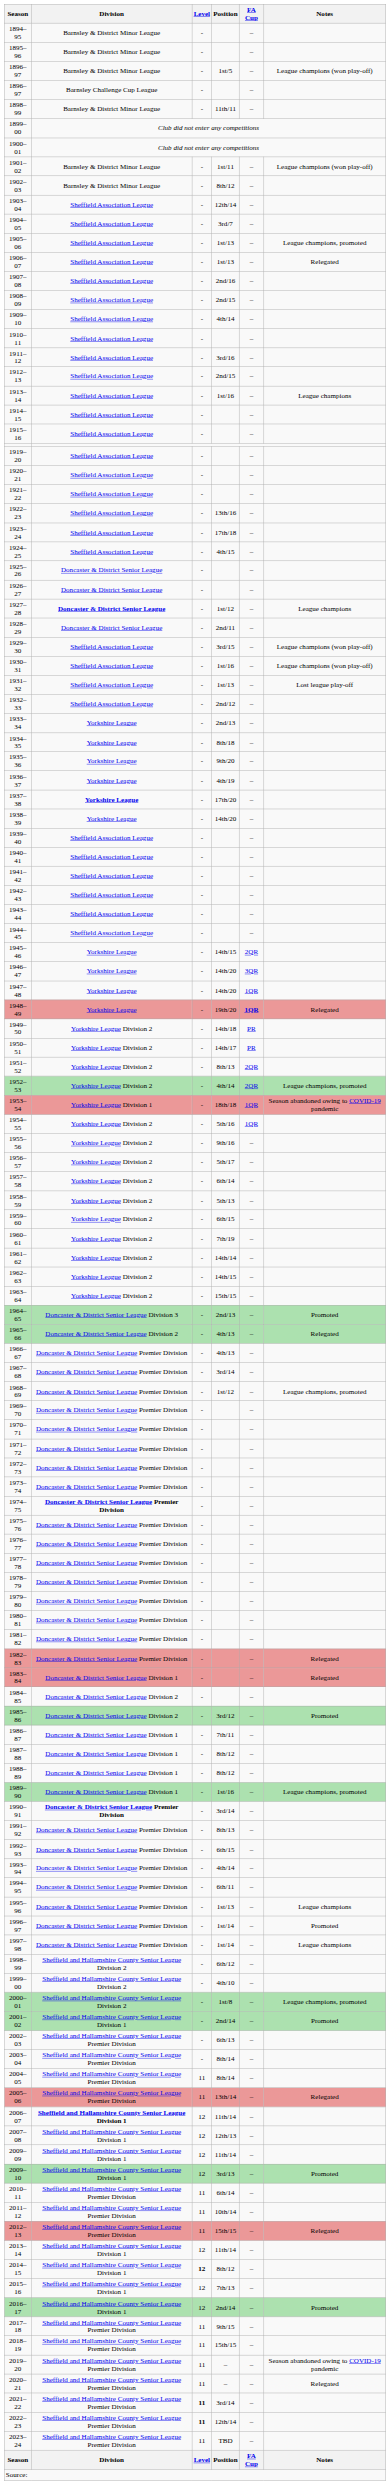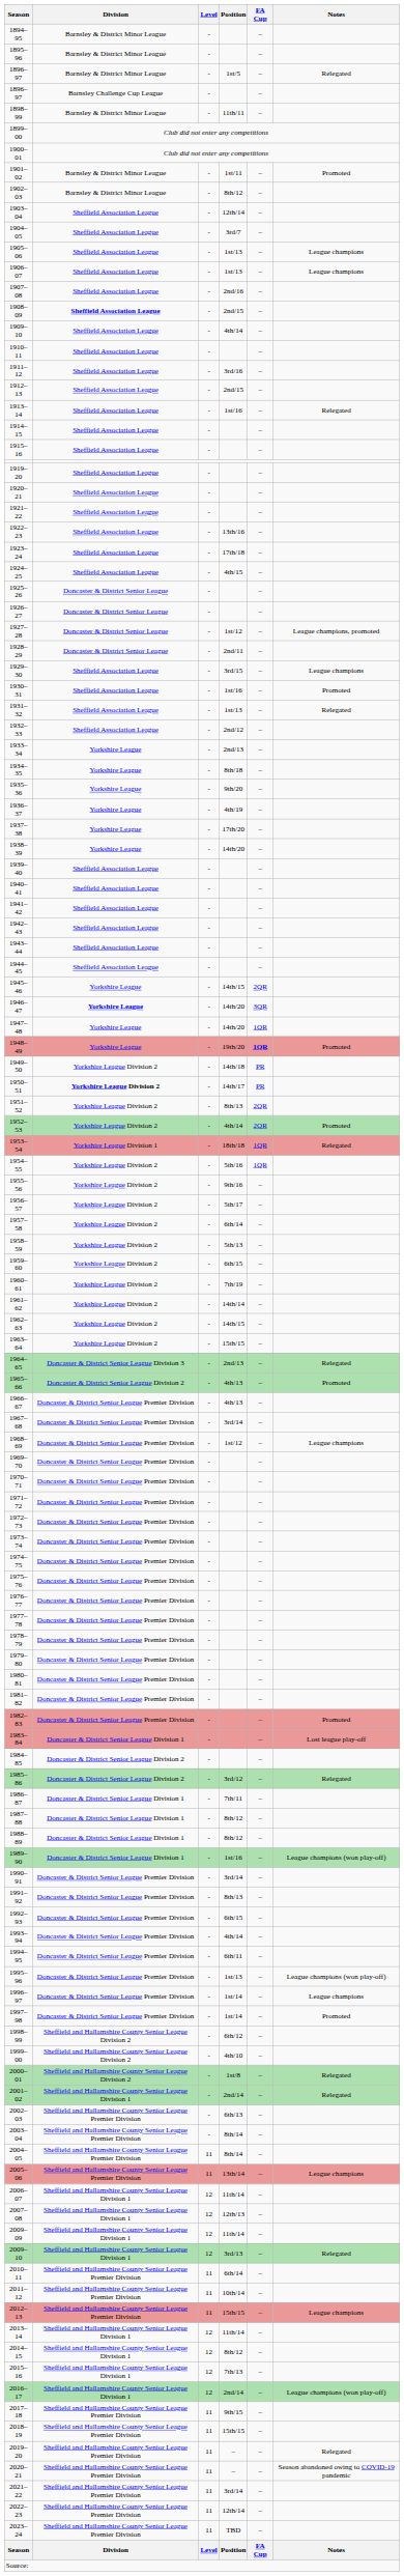 <table class="wikitable collapsible collapsed" style=text-align:center>
 <tr>
 <th>Season</th>
 <th>Division</th>
 <th><a href='#'>Level</a></th>
 <th>Position</th>
 <th><a href='#'>FA Cup</a></th>
 <th>Notes</th>
 </tr>
 <tr>
 <td>1894–95</td>
 <td>Barnsley & District Minor League</td>
 <td>-</td>
 <td></td>
 <td>–</td>
 <td></td>
 </tr>
 <tr>
 <td>1895–96</td>
 <td>Barnsley & District Minor League</td>
 <td>-</td>
 <td></td>
 <td>–</td>
 <td></td>
 </tr>
 <tr>
 <td>1896–97</td>
 <td>Barnsley & District Minor League</td>
 <td>-</td>
 <td>1st/5</td>
 <td>–</td>
-<td>League champions (won play-off)</td>
+<td>Relegated</td>
 </tr>
 <tr>
 <td>1896–97</td>
 <td>Barnsley Challenge Cup League</td>
 <td>-</td>
 <td></td>
 <td>–</td>
 <td></td>
 </tr>
 <tr>
 <td>1898–99</td>
 <td>Barnsley & District Minor League</td>
 <td>-</td>
 <td>11th/11</td>
 <td>–</td>
 <td></td>
 </tr>
 <tr>
 <td>1899–00</td>
 <td colspan="6"><em>Club did not enter any competitions</em></td>
 </tr>
 <tr>
 <td>1900–01</td>
 <td colspan="6"><em>Club did not enter any competitions</em></td>
 </tr>
 <tr>
 <td>1901–02</td>
 <td>Barnsley & District Minor League</td>
 <td>-</td>
 <td>1st/11</td>
 <td>–</td>
-<td>League champions (won play-off)</td>
+<td>Promoted</td>
 </tr>
 <tr>
 <td>1902–03</td>
 <td>Barnsley & District Minor League</td>
 <td>-</td>
 <td>8th/12</td>
 <td>–</td>
 <td></td>
 </tr>
 <tr>
 <td>1903–04</td>
 <td><a href='#'>Sheffield Association League</a></td>
 <td>-</td>
 <td>12th/14</td>
 <td>–</td>
 <td></td>
 </tr>
 <tr>
 <td>1904–05</td>
 <td><a href='#'>Sheffield Association League</a></td>
 <td>-</td>
 <td>3rd/7</td>
 <td>–</td>
 <td></td>
 </tr>
 <tr>
 <td>1905–06</td>
 <td><a href='#'>Sheffield Association League</a></td>
 <td>-</td>
 <td>1st/13</td>
 <td>–</td>
-<td>League champions, promoted</td>
+<td>League champions</td>
 </tr>
 <tr>
 <td>1906–07</td>
 <td><a href='#'>Sheffield Association League</a></td>
 <td>-</td>
 <td>1st/13</td>
 <td>–</td>
-<td>Relegated</td>
+<td>League champions</td>
 </tr>
 <tr>
 <td>1907–08</td>
 <td><a href='#'>Sheffield Association League</a></td>
 <td>-</td>
 <td>2nd/16</td>
 <td>–</td>
 <td></td>
 </tr>
 <tr>
 <td>1908–09</td>
-<td><a href='#'>Sheffield Association League</a></td>
+<td><strong><a href='#'>Sheffield Association League</a></strong></td>
 <td>-</td>
 <td>2nd/15</td>
 <td>–</td>
 <td></td>
 </tr>
 <tr>
 <td>1909–10</td>
 <td><a href='#'>Sheffield Association League</a></td>
 <td>-</td>
 <td>4th/14</td>
 <td>–</td>
 <td></td>
 </tr>
 <tr>
 <td>1910–11</td>
 <td><a href='#'>Sheffield Association League</a></td>
 <td>-</td>
 <td></td>
 <td>–</td>
 <td></td>
 </tr>
 <tr>
 <td>1911–12</td>
 <td><a href='#'>Sheffield Association League</a></td>
 <td>-</td>
 <td>3rd/16</td>
 <td>–</td>
 <td></td>
 </tr>
 <tr>
 <td>1912–13</td>
 <td><a href='#'>Sheffield Association League</a></td>
 <td>-</td>
 <td>2nd/15</td>
 <td>–</td>
 <td></td>
 </tr>
 <tr>
 <td>1913–14</td>
 <td><a href='#'>Sheffield Association League</a></td>
 <td>-</td>
 <td>1st/16</td>
 <td>–</td>
-<td>League champions</td>
+<td>Relegated</td>
 </tr>
 <tr>
 <td>1914–15</td>
 <td><a href='#'>Sheffield Association League</a></td>
 <td>-</td>
 <td></td>
 <td>–</td>
 <td></td>
 </tr>
 <tr>
 <td>1915–16</td>
 <td><a href='#'>Sheffield Association League</a></td>
 <td>-</td>
 <td></td>
 <td>–</td>
 <td></td>
 </tr>
 <tr>
 <td></td>
 </tr>
 <tr>
 <td>1919–20</td>
 <td><a href='#'>Sheffield Association League</a></td>
 <td>-</td>
 <td></td>
 <td>–</td>
 <td></td>
 </tr>
 <tr>
 <td>1920–21</td>
 <td><a href='#'>Sheffield Association League</a></td>
 <td>-</td>
 <td></td>
 <td>–</td>
 <td></td>
 </tr>
 <tr>
 <td>1921–22</td>
 <td><a href='#'>Sheffield Association League</a></td>
 <td>-</td>
 <td></td>
 <td>–</td>
 <td></td>
 </tr>
 <tr>
 <td>1922–23</td>
 <td><a href='#'>Sheffield Association League</a></td>
 <td>-</td>
 <td>13th/16</td>
 <td>–</td>
 <td></td>
 </tr>
 <tr>
 <td>1923–24</td>
 <td><a href='#'>Sheffield Association League</a></td>
 <td>-</td>
 <td>17th/18</td>
 <td>–</td>
 <td></td>
 </tr>
 <tr>
 <td>1924–25</td>
 <td><a href='#'>Sheffield Association League</a></td>
 <td>-</td>
 <td>4th/15</td>
 <td>–</td>
 <td></td>
 </tr>
 <tr>
 <td>1925–26</td>
 <td><a href='#'>Doncaster & District Senior League</a></td>
 <td>-</td>
 <td></td>
 <td>–</td>
 <td></td>
 </tr>
 <tr>
 <td>1926–27</td>
 <td><a href='#'>Doncaster & District Senior League</a></td>
 <td>-</td>
 <td></td>
 <td>–</td>
 <td></td>
 </tr>
 <tr>
 <td>1927–28</td>
-<td><strong><a href='#'>Doncaster & District Senior League</a></strong></td>
+<td><a href='#'>Doncaster & District Senior League</a></td>
 <td>-</td>
 <td>1st/12</td>
 <td>–</td>
-<td>League champions</td>
+<td>League champions, promoted</td>
 </tr>
 <tr>
 <td>1928–29</td>
 <td><a href='#'>Doncaster & District Senior League</a></td>
 <td>-</td>
 <td>2nd/11</td>
 <td>–</td>
 <td></td>
 </tr>
 <tr>
 <td>1929–30</td>
 <td><a href='#'>Sheffield Association League</a></td>
 <td>-</td>
 <td>3rd/15</td>
 <td>–</td>
-<td>League champions (won play-off)</td>
+<td>League champions</td>
 </tr>
 <tr>
 <td>1930–31</td>
 <td><a href='#'>Sheffield Association League</a></td>
 <td>-</td>
 <td>1st/16</td>
 <td>–</td>
-<td>League champions (won play-off)</td>
+<td>Promoted</td>
 </tr>
 <tr>
 <td>1931–32</td>
 <td><a href='#'>Sheffield Association League</a></td>
 <td>-</td>
 <td>1st/13</td>
 <td>–</td>
-<td>Lost league play-off</td>
+<td>Relegated</td>
 </tr>
 <tr>
 <td>1932–33</td>
 <td><a href='#'>Sheffield Association League</a></td>
 <td>-</td>
 <td>2nd/12</td>
 <td>–</td>
 <td></td>
 </tr>
 <tr>
 <td>1933–34</td>
 <td><a href='#'>Yorkshire League</a></td>
 <td>-</td>
 <td>2nd/13</td>
 <td>–</td>
 <td></td>
 </tr>
 <tr>
 <td>1934–35</td>
 <td><a href='#'>Yorkshire League</a></td>
 <td>-</td>
 <td>8th/18</td>
 <td>–</td>
 <td></td>
 </tr>
 <tr>
 <td>1935–36</td>
 <td><a href='#'>Yorkshire League</a></td>
 <td>-</td>
 <td>9th/20</td>
 <td>–</td>
 <td></td>
 </tr>
 <tr>
 <td>1936–37</td>
 <td><a href='#'>Yorkshire League</a></td>
 <td>-</td>
 <td>4th/19</td>
 <td>–</td>
 <td></td>
 </tr>
 <tr>
 <td>1937–38</td>
-<td><strong><a href='#'>Yorkshire League</a></strong></td>
+<td><a href='#'>Yorkshire League</a></td>
 <td>-</td>
 <td>17th/20</td>
 <td>–</td>
 <td></td>
 </tr>
 <tr>
 <td>1938–39</td>
 <td><a href='#'>Yorkshire League</a></td>
 <td>-</td>
 <td>14th/20</td>
 <td>–</td>
 <td></td>
 </tr>
 <tr>
 <td>1939–40</td>
 <td><a href='#'>Sheffield Association League</a></td>
 <td>-</td>
 <td></td>
 <td>–</td>
 <td></td>
 </tr>
 <tr>
 <td>1940–41</td>
 <td><a href='#'>Sheffield Association League</a></td>
 <td>-</td>
 <td></td>
 <td>–</td>
 <td></td>
 </tr>
 <tr>
 <td>1941–42</td>
 <td><a href='#'>Sheffield Association League</a></td>
 <td>-</td>
 <td></td>
 <td>–</td>
 <td></td>
 </tr>
 <tr>
 <td>1942–43</td>
 <td><a href='#'>Sheffield Association League</a></td>
 <td>-</td>
 <td></td>
 <td>–</td>
 <td></td>
 </tr>
 <tr>
 <td>1943–44</td>
 <td><a href='#'>Sheffield Association League</a></td>
 <td>-</td>
 <td></td>
 <td>–</td>
 <td></td>
 </tr>
 <tr>
 <td>1944–45</td>
 <td><a href='#'>Sheffield Association League</a></td>
 <td>-</td>
 <td></td>
 <td>–</td>
 <td></td>
 </tr>
 <tr>
 <td>1945–46</td>
 <td><a href='#'>Yorkshire League</a></td>
 <td>-</td>
 <td>14th/15</td>
 <td><a href='#'>2QR</a></td>
 <td></td>
 </tr>
 <tr>
 <td>1946–47</td>
-<td><a href='#'>Yorkshire League</a></td>
+<td><strong><a href='#'>Yorkshire League</a></strong></td>
 <td>-</td>
 <td>14th/20</td>
 <td><a href='#'>3QR</a></td>
 <td></td>
 </tr>
 <tr>
 <td>1947–48</td>
 <td><a href='#'>Yorkshire League</a></td>
 <td>-</td>
 <td>14th/20</td>
 <td><a href='#'>1QR</a></td>
 <td></td>
 </tr>
 <tr bgcolor="#EB9898">
 <td>1948–49</td>
 <td><a href='#'>Yorkshire League</a></td>
 <td>-</td>
 <td>19th/20</td>
 <td><strong><a href='#'>1QR</a></strong></td>
-<td>Relegated</td>
+<td>Promoted</td>
 </tr>
 <tr>
 <td>1949–50</td>
 <td><a href='#'>Yorkshire League</a> Division 2</td>
 <td>-</td>
 <td>14th/18</td>
 <td><a href='#'>PR</a></td>
 <td></td>
 </tr>
 <tr>
 <td>1950–51</td>
-<td><a href='#'>Yorkshire League</a> Division 2</td>
+<td><strong><a href='#'>Yorkshire League</a> Division 2</strong></td>
 <td>-</td>
 <td>14th/17</td>
 <td><a href='#'>PR</a></td>
 <td></td>
 </tr>
 <tr>
 <td>1951–52</td>
 <td><a href='#'>Yorkshire League</a> Division 2</td>
 <td>-</td>
 <td>8th/13</td>
 <td><a href='#'>2QR</a></td>
 <td></td>
 </tr>
 <tr bgcolor="#ACE1AF">
 <td>1952–53</td>
 <td><a href='#'>Yorkshire League</a> Division 2</td>
 <td>-</td>
 <td>4th/14</td>
 <td><a href='#'>2QR</a></td>
-<td>League champions, promoted</td>
+<td>Promoted</td>
 </tr>
 <tr bgcolor="#EB9898">
 <td>1953–54</td>
 <td><a href='#'>Yorkshire League</a> Division 1</td>
 <td>-</td>
 <td>18th/18</td>
 <td><a href='#'>1QR</a></td>
-<td>Season abandoned owing to <a href='#'>COVID-19</a> pandemic</td>
+<td>Relegated</td>
 </tr>
 <tr>
 <td>1954–55</td>
 <td><a href='#'>Yorkshire League</a> Division 2</td>
 <td>-</td>
 <td>5th/16</td>
 <td><a href='#'>1QR</a></td>
 <td></td>
 </tr>
 <tr>
 <td>1955–56</td>
 <td><a href='#'>Yorkshire League</a> Division 2</td>
 <td>-</td>
 <td>9th/16</td>
 <td>–</td>
 <td></td>
 </tr>
 <tr>
 <td>1956–57</td>
 <td><a href='#'>Yorkshire League</a> Division 2</td>
 <td>-</td>
 <td>5th/17</td>
 <td>–</td>
 <td></td>
 </tr>
 <tr>
 <td>1957–58</td>
 <td><a href='#'>Yorkshire League</a> Division 2</td>
 <td>-</td>
 <td>6th/14</td>
 <td>–</td>
 <td></td>
 </tr>
 <tr>
 <td>1958–59</td>
 <td><a href='#'>Yorkshire League</a> Division 2</td>
 <td>-</td>
 <td>5th/13</td>
 <td>–</td>
 <td></td>
 </tr>
 <tr>
 <td>1959–60</td>
 <td><a href='#'>Yorkshire League</a> Division 2</td>
 <td>-</td>
 <td>6th/15</td>
 <td>–</td>
 <td></td>
 </tr>
 <tr>
 <td>1960–61</td>
 <td><a href='#'>Yorkshire League</a> Division 2</td>
 <td>-</td>
 <td>7th/19</td>
 <td>–</td>
 <td></td>
 </tr>
 <tr>
 <td>1961–62</td>
 <td><a href='#'>Yorkshire League</a> Division 2</td>
 <td>-</td>
 <td>14th/14</td>
 <td>–</td>
 <td></td>
 </tr>
 <tr>
 <td>1962–63</td>
 <td><a href='#'>Yorkshire League</a> Division 2</td>
 <td>-</td>
 <td>14th/15</td>
 <td>–</td>
 <td></td>
 </tr>
 <tr>
 <td>1963–64</td>
 <td><a href='#'>Yorkshire League</a> Division 2</td>
 <td>-</td>
 <td>15th/15</td>
 <td>–</td>
 <td></td>
 </tr>
 <tr bgcolor="#ACE1AF">
 <td>1964–65</td>
 <td><a href='#'>Doncaster & District Senior League</a> Division 3</td>
 <td>-</td>
 <td>2nd/13</td>
 <td>–</td>
-<td>Promoted</td>
+<td>Relegated</td>
 </tr>
 <tr bgcolor="#ACE1AF">
 <td>1965–66</td>
 <td><a href='#'>Doncaster & District Senior League</a> Division 2</td>
 <td>-</td>
 <td>4th/13</td>
 <td>–</td>
-<td>Relegated</td>
+<td>Promoted</td>
 </tr>
 <tr>
 <td>1966–67</td>
 <td><a href='#'>Doncaster & District Senior League</a> Premier Division</td>
 <td>-</td>
 <td>4th/13</td>
 <td>–</td>
 <td></td>
 </tr>
 <tr>
 <td>1967–68</td>
 <td><a href='#'>Doncaster & District Senior League</a> Premier Division</td>
 <td>-</td>
 <td>3rd/14</td>
 <td>–</td>
 <td></td>
 </tr>
 <tr>
 <td>1968–69</td>
 <td><a href='#'>Doncaster & District Senior League</a> Premier Division</td>
 <td>-</td>
 <td>1st/12</td>
 <td>–</td>
-<td>League champions, promoted</td>
+<td>League champions</td>
 </tr>
 <tr>
 <td>1969–70</td>
 <td><a href='#'>Doncaster & District Senior League</a> Premier Division</td>
 <td>-</td>
 <td></td>
 <td>–</td>
 <td></td>
 </tr>
 <tr>
 <td>1970–71</td>
 <td><a href='#'>Doncaster & District Senior League</a> Premier Division</td>
 <td>-</td>
 <td></td>
 <td>–</td>
 <td></td>
 </tr>
 <tr>
 <td>1971–72</td>
 <td><a href='#'>Doncaster & District Senior League</a> Premier Division</td>
 <td>-</td>
 <td></td>
 <td>–</td>
 <td></td>
 </tr>
 <tr>
 <td>1972–73</td>
 <td><a href='#'>Doncaster & District Senior League</a> Premier Division</td>
 <td>-</td>
 <td></td>
 <td>–</td>
 <td></td>
 </tr>
 <tr>
 <td>1973–74</td>
 <td><a href='#'>Doncaster & District Senior League</a> Premier Division</td>
 <td>-</td>
 <td></td>
 <td>–</td>
 <td></td>
 </tr>
 <tr>
 <td>1974–75</td>
-<td><strong><a href='#'>Doncaster & District Senior League</a> Premier Division</strong></td>
+<td><a href='#'>Doncaster & District Senior League</a> Premier Division</td>
 <td>-</td>
 <td></td>
 <td>–</td>
 <td></td>
 </tr>
 <tr>
 <td>1975–76</td>
 <td><a href='#'>Doncaster & District Senior League</a> Premier Division</td>
 <td>-</td>
 <td></td>
 <td>–</td>
 <td></td>
 </tr>
 <tr>
 <td>1976–77</td>
 <td><a href='#'>Doncaster & District Senior League</a> Premier Division</td>
 <td>-</td>
 <td></td>
 <td>–</td>
 <td></td>
 </tr>
 <tr>
 <td>1977–78</td>
 <td><a href='#'>Doncaster & District Senior League</a> Premier Division</td>
 <td>-</td>
 <td></td>
 <td>–</td>
 <td></td>
 </tr>
 <tr>
 <td>1978–79</td>
 <td><a href='#'>Doncaster & District Senior League</a> Premier Division</td>
 <td>-</td>
 <td></td>
 <td>–</td>
 <td></td>
 </tr>
 <tr>
 <td>1979–80</td>
 <td><a href='#'>Doncaster & District Senior League</a> Premier Division</td>
 <td>-</td>
 <td></td>
 <td>–</td>
 <td></td>
 </tr>
 <tr>
 <td>1980–81</td>
 <td><a href='#'>Doncaster & District Senior League</a> Premier Division</td>
 <td>-</td>
 <td></td>
 <td>–</td>
 <td></td>
 </tr>
 <tr>
 <td>1981–82</td>
 <td><a href='#'>Doncaster & District Senior League</a> Premier Division</td>
 <td>-</td>
 <td></td>
 <td>–</td>
 <td></td>
 </tr>
 <tr bgcolor="#EB9898">
 <td>1982–83</td>
 <td><a href='#'>Doncaster & District Senior League</a> Premier Division</td>
 <td>-</td>
 <td></td>
 <td>–</td>
-<td>Relegated</td>
+<td>Promoted</td>
 </tr>
 <tr bgcolor="#EB9898">
 <td>1983–84</td>
 <td><a href='#'>Doncaster & District Senior League</a> Division 1</td>
 <td>-</td>
 <td></td>
 <td>–</td>
-<td>Relegated</td>
+<td>Lost league play-off</td>
 </tr>
 <tr>
 <td>1984–85</td>
 <td><a href='#'>Doncaster & District Senior League</a> Division 2</td>
 <td>-</td>
 <td></td>
 <td>–</td>
 <td></td>
 </tr>
 <tr bgcolor="#ACE1AF">
 <td>1985–86</td>
 <td><a href='#'>Doncaster & District Senior League</a> Division 2</td>
 <td>-</td>
 <td>3rd/12</td>
 <td>–</td>
-<td>Promoted</td>
+<td>Relegated</td>
 </tr>
 <tr>
 <td>1986–87</td>
 <td><a href='#'>Doncaster & District Senior League</a> Division 1</td>
 <td>-</td>
 <td>7th/11</td>
 <td>–</td>
 <td></td>
 </tr>
 <tr>
 <td>1987–88</td>
 <td><a href='#'>Doncaster & District Senior League</a> Division 1</td>
 <td>-</td>
 <td>8th/12</td>
 <td>–</td>
 <td></td>
 </tr>
 <tr>
 <td>1988–89</td>
 <td><a href='#'>Doncaster & District Senior League</a> Division 1</td>
 <td>-</td>
 <td>8th/12</td>
 <td>–</td>
 <td></td>
 </tr>
 <tr bgcolor="#ACE1AF">
 <td>1989–90</td>
 <td><a href='#'>Doncaster & District Senior League</a> Division 1</td>
 <td>-</td>
 <td>1st/16</td>
 <td>–</td>
-<td>League champions, promoted</td>
+<td>League champions (won play-off)</td>
 </tr>
 <tr>
 <td>1990–91</td>
-<td><strong><a href='#'>Doncaster & District Senior League</a> Premier Division</strong></td>
+<td><a href='#'>Doncaster & District Senior League</a> Premier Division</td>
 <td>-</td>
 <td>3rd/14</td>
 <td>–</td>
 <td></td>
 </tr>
 <tr>
 <td>1991–92</td>
 <td><a href='#'>Doncaster & District Senior League</a> Premier Division</td>
 <td>-</td>
 <td>8th/13</td>
 <td>–</td>
 <td></td>
 </tr>
 <tr>
 <td>1992–93</td>
 <td><a href='#'>Doncaster & District Senior League</a> Premier Division</td>
 <td>-</td>
 <td>6th/15</td>
 <td>–</td>
 <td></td>
 </tr>
 <tr>
 <td>1993–94</td>
 <td><a href='#'>Doncaster & District Senior League</a> Premier Division</td>
 <td>-</td>
 <td>4th/14</td>
 <td>–</td>
 <td></td>
 </tr>
 <tr>
 <td>1994–95</td>
 <td><a href='#'>Doncaster & District Senior League</a> Premier Division</td>
 <td>-</td>
 <td>6th/11</td>
 <td>–</td>
 <td></td>
 </tr>
 <tr>
 <td>1995–96</td>
 <td><a href='#'>Doncaster & District Senior League</a> Premier Division</td>
 <td>-</td>
 <td>1st/13</td>
 <td>–</td>
-<td>League champions</td>
+<td>League champions (won play-off)</td>
 </tr>
 <tr>
 <td>1996–97</td>
 <td><a href='#'>Doncaster & District Senior League</a> Premier Division</td>
 <td>-</td>
 <td>1st/14</td>
 <td>–</td>
-<td>Promoted</td>
+<td>League champions</td>
 </tr>
 <tr>
 <td>1997–98</td>
 <td><a href='#'>Doncaster & District Senior League</a> Premier Division</td>
 <td>-</td>
 <td>1st/14</td>
 <td>–</td>
-<td>League champions</td>
+<td>Promoted</td>
 </tr>
 <tr>
 <td>1998–99</td>
 <td><a href='#'>Sheffield and Hallamshire County Senior League</a> Division 2</td>
 <td>-</td>
 <td>6th/12</td>
 <td>–</td>
 <td></td>
 </tr>
 <tr>
 <td>1999–00</td>
 <td><a href='#'>Sheffield and Hallamshire County Senior League</a> Division 2</td>
 <td>-</td>
 <td>4th/10</td>
 <td>–</td>
 <td></td>
 </tr>
 <tr bgcolor="#ACE1AF">
 <td>2000–01</td>
 <td><a href='#'>Sheffield and Hallamshire County Senior League</a> Division 2</td>
 <td>-</td>
 <td>1st/8</td>
 <td>–</td>
-<td>League champions, promoted</td>
+<td>Relegated</td>
 </tr>
 <tr bgcolor="#ACE1AF">
 <td>2001–02</td>
 <td><a href='#'>Sheffield and Hallamshire County Senior League</a> Division 1</td>
 <td>-</td>
 <td>2nd/14</td>
 <td>–</td>
-<td>Promoted</td>
+<td>Relegated</td>
 </tr>
 <tr>
 <td>2002–03</td>
 <td><a href='#'>Sheffield and Hallamshire County Senior League</a> Premier Division</td>
 <td>-</td>
 <td>6th/13</td>
 <td>–</td>
 <td></td>
 </tr>
 <tr>
 <td>2003–04</td>
 <td><a href='#'>Sheffield and Hallamshire County Senior League</a> Premier Division</td>
 <td>-</td>
 <td>8th/14</td>
 <td>–</td>
 <td></td>
 </tr>
 <tr>
 <td>2004–05</td>
 <td><a href='#'>Sheffield and Hallamshire County Senior League</a> Premier Division</td>
 <td>11</td>
 <td>8th/14</td>
 <td>–</td>
 <td></td>
 </tr>
 <tr bgcolor="#EB9898">
 <td>2005–06</td>
 <td><a href='#'>Sheffield and Hallamshire County Senior League</a> Premier Division</td>
 <td>11</td>
 <td>13th/14</td>
 <td>–</td>
-<td>Relegated</td>
+<td>League champions</td>
 </tr>
 <tr>
 <td>2006–07</td>
-<td><strong><a href='#'>Sheffield and Hallamshire County Senior League</a> Division 1</strong></td>
+<td><a href='#'>Sheffield and Hallamshire County Senior League</a> Division 1</td>
 <td>12</td>
 <td>11th/14</td>
 <td>–</td>
 <td></td>
 </tr>
 <tr>
 <td>2007–08</td>
 <td><a href='#'>Sheffield and Hallamshire County Senior League</a> Division 1</td>
 <td>12</td>
 <td>12th/13</td>
 <td>–</td>
 <td></td>
 </tr>
 <tr>
 <td>2009–09</td>
 <td><a href='#'>Sheffield and Hallamshire County Senior League</a> Division 1</td>
 <td>12</td>
 <td>11th/14</td>
 <td>–</td>
 <td></td>
 </tr>
 <tr bgcolor="#ACE1AF">
 <td>2009–10</td>
 <td><a href='#'>Sheffield and Hallamshire County Senior League</a> Division 1</td>
 <td>12</td>
 <td>3rd/13</td>
 <td>–</td>
-<td>Promoted</td>
+<td>Relegated</td>
 </tr>
 <tr>
 <td>2010–11</td>
 <td><a href='#'>Sheffield and Hallamshire County Senior League</a> Premier Division</td>
 <td>11</td>
 <td>6th/14</td>
 <td>–</td>
 <td></td>
 </tr>
 <tr>
 <td>2011–12</td>
 <td><a href='#'>Sheffield and Hallamshire County Senior League</a> Premier Division</td>
 <td>11</td>
 <td>10th/14</td>
 <td>–</td>
 <td></td>
 </tr>
 <tr bgcolor="#EB9898">
 <td>2012–13</td>
 <td><a href='#'>Sheffield and Hallamshire County Senior League</a> Premier Division</td>
 <td>11</td>
 <td>15th/15</td>
 <td>–</td>
-<td>Relegated</td>
+<td>League champions</td>
 </tr>
 <tr>
 <td>2013–14</td>
 <td><a href='#'>Sheffield and Hallamshire County Senior League</a> Division 1</td>
 <td>12</td>
 <td>11th/14</td>
 <td>–</td>
 <td></td>
 </tr>
 <tr>
 <td>2014–15</td>
 <td><a href='#'>Sheffield and Hallamshire County Senior League</a> Division 1</td>
-<td><strong>12</strong></td>
+<td>12</td>
 <td>8th/12</td>
 <td>–</td>
 <td></td>
 </tr>
 <tr>
 <td>2015–16</td>
 <td><a href='#'>Sheffield and Hallamshire County Senior League</a> Division 1</td>
 <td>12</td>
 <td>7th/13</td>
 <td>–</td>
 <td></td>
 </tr>
 <tr bgcolor="#ACE1AF">
 <td>2016–17</td>
 <td><a href='#'>Sheffield and Hallamshire County Senior League</a> Division 1</td>
 <td>12</td>
 <td>2nd/14</td>
 <td>–</td>
-<td>Promoted</td>
+<td>League champions (won play-off)</td>
 </tr>
 <tr>
 <td>2017–18</td>
 <td><a href='#'>Sheffield and Hallamshire County Senior League</a> Premier Division</td>
 <td>11</td>
 <td>9th/15</td>
 <td>–</td>
 <td></td>
 </tr>
 <tr>
 <td>2018–19</td>
 <td><a href='#'>Sheffield and Hallamshire County Senior League</a> Premier Division</td>
 <td>11</td>
 <td>15th/15</td>
 <td>–</td>
 <td></td>
 </tr>
 <tr>
 <td>2019–20</td>
 <td><a href='#'>Sheffield and Hallamshire County Senior League</a> Premier Division</td>
 <td>11</td>
 <td>–</td>
 <td>–</td>
-<td>Season abandoned owing to <a href='#'>COVID-19</a> pandemic</td>
+<td>Relegated</td>
 </tr>
 <tr>
 <td>2020–21</td>
 <td><a href='#'>Sheffield and Hallamshire County Senior League</a> Premier Division</td>
 <td>11</td>
 <td>–</td>
 <td>–</td>
-<td>Relegated</td>
+<td>Season abandoned owing to <a href='#'>COVID-19</a> pandemic</td>
 </tr>
 <tr>
 <td>2021–22</td>
 <td><a href='#'>Sheffield and Hallamshire County Senior League</a> Premier Division</td>
-<td><strong>11</strong></td>
+<td>11</td>
 <td>3rd/14</td>
 <td>–</td>
 <td></td>
 </tr>
 <tr>
 <td>2022–23</td>
 <td><a href='#'>Sheffield and Hallamshire County Senior League</a> Premier Division</td>
-<td><strong>11</strong></td>
+<td>11</td>
 <td>12th/14</td>
 <td>–</td>
 <td></td>
 </tr>
 <tr>
 <td>2023–24</td>
 <td><a href='#'>Sheffield and Hallamshire County Senior League</a> Premier Division</td>
 <td>11</td>
 <td>TBD</td>
 <td>–</td>
 <td></td>
 </tr>
 <tr>
 <th>Season</th>
 <th>Division</th>
 <th><a href='#'>Level</a></th>
 <th>Position</th>
 <th><a href='#'>FA Cup</a></th>
 <th>Notes</th>
 </tr>
 <tr>
 <td align=left colspan=7>Source: </td>
 </tr>
 </table>
